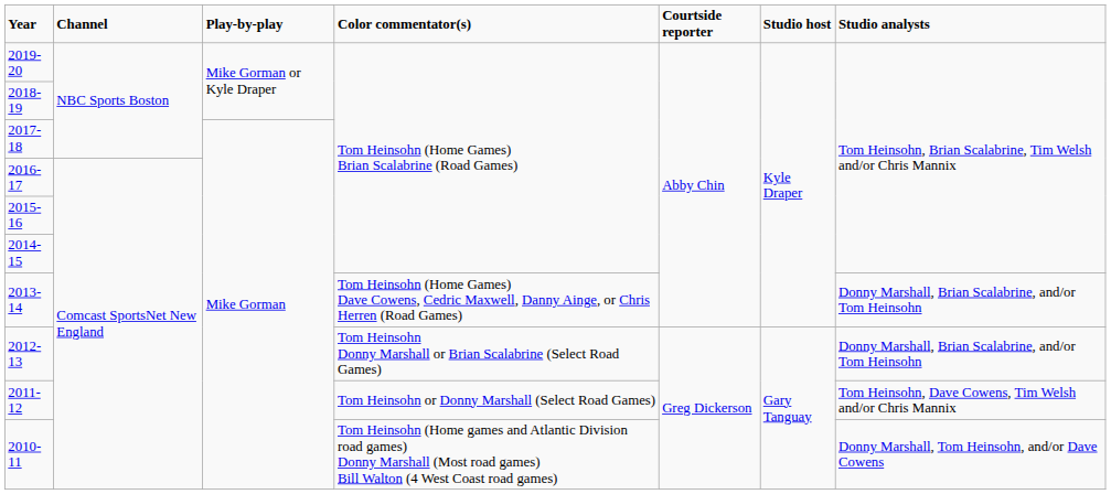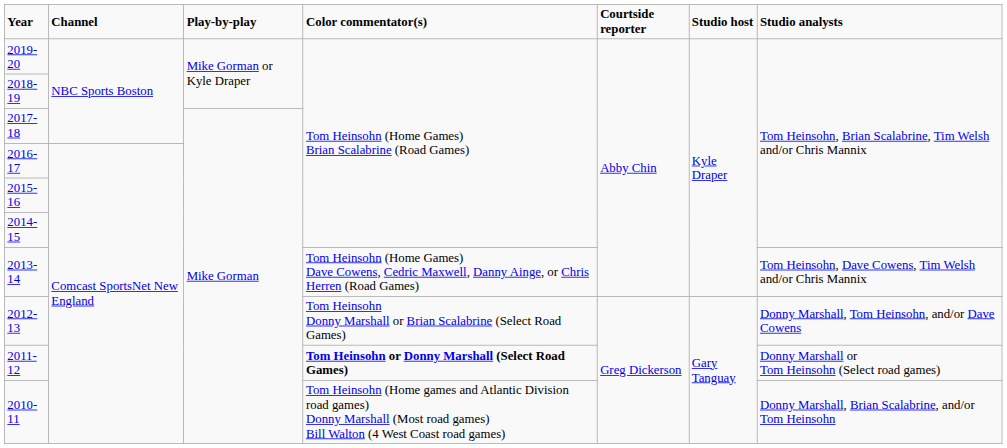 <table class="wikitable">
 <tr>
 <td><strong>Year</strong></td>
 <td><strong>Channel</strong></td>
 <td><strong>Play-by-play</strong></td>
 <td><strong>Color commentator(s)</strong></td>
 <td><strong>Courtside reporter</strong></td>
 <td><strong>Studio host</strong></td>
 <td><strong>Studio analysts</strong></td>
 </tr>
 <tr>
 <td><a href='#'>2019-20</a></td>
 <td rowspan=3><a href='#'>NBC Sports Boston</a></td>
 <td rowspan=2><a href='#'>Mike Gorman</a> or Kyle Draper</td>
 <td rowspan=6><a href='#'>Tom Heinsohn</a> (Home Games)<br><a href='#'>Brian Scalabrine</a> (Road Games)</td>
 <td rowspan=7><a href='#'>Abby Chin</a></td>
 <td rowspan=7><a href='#'>Kyle Draper</a></td>
 <td rowspan=6><a href='#'>Tom Heinsohn</a>, <a href='#'>Brian Scalabrine</a>, <a href='#'>Tim Welsh</a> and/or Chris Mannix</td>
 </tr>
 <tr>
 <td><a href='#'>2018-19</a></td>
 </tr>
 <tr>
 <td><a href='#'>2017-18</a></td>
 <td rowspan=8><a href='#'>Mike Gorman</a></td>
 </tr>
 <tr>
 <td><a href='#'>2016-17</a></td>
 <td rowspan=7><a href='#'>Comcast SportsNet New England</a></td>
 </tr>
 <tr>
 <td><a href='#'>2015-16</a></td>
 </tr>
 <tr>
 <td><a href='#'>2014-15</a></td>
 </tr>
 <tr>
 <td><a href='#'>2013-14</a></td>
 <td><a href='#'>Tom Heinsohn</a> (Home Games)<br><a href='#'>Dave Cowens</a>, <a href='#'>Cedric Maxwell</a>, <a href='#'>Danny Ainge</a>, or <a href='#'>Chris Herren</a> (Road Games)</td>
-<td><a href='#'>Donny Marshall</a>, <a href='#'>Brian Scalabrine</a>, and/or <a href='#'>Tom Heinsohn</a></td>
+<td><a href='#'>Tom Heinsohn</a>, <a href='#'>Dave Cowens</a>, <a href='#'>Tim Welsh</a> and/or Chris Mannix</td>
 </tr>
 <tr>
 <td><a href='#'>2012-13</a></td>
 <td><a href='#'>Tom Heinsohn</a><br><a href='#'>Donny Marshall</a> or <a href='#'>Brian Scalabrine</a> (Select Road Games)</td>
 <td rowspan=3><a href='#'>Greg Dickerson</a></td>
 <td rowspan=3><a href='#'>Gary Tanguay</a></td>
-<td><a href='#'>Donny Marshall</a>, <a href='#'>Brian Scalabrine</a>, and/or <a href='#'>Tom Heinsohn</a></td>
+<td><a href='#'>Donny Marshall</a>, <a href='#'>Tom Heinsohn</a>, and/or <a href='#'>Dave Cowens</a></td>
 </tr>
 <tr>
 <td><a href='#'>2011-12</a></td>
-<td><a href='#'>Tom Heinsohn</a> or <a href='#'>Donny Marshall</a> (Select Road Games)</td>
-<td><a href='#'>Tom Heinsohn</a>, <a href='#'>Dave Cowens</a>, <a href='#'>Tim Welsh</a> and/or Chris Mannix</td>
+<td><strong><a href='#'>Tom Heinsohn</a> or <a href='#'>Donny Marshall</a> (Select Road Games)</strong></td>
+<td><a href='#'>Donny Marshall</a> or<br> <a href='#'>Tom Heinsohn</a> (Select road games)</td>
 </tr>
 <tr>
 <td><a href='#'>2010-11</a></td>
 <td><a href='#'>Tom Heinsohn</a> (Home games and Atlantic Division road games)<br><a href='#'>Donny Marshall</a> (Most road games)<br><a href='#'>Bill Walton</a> (4 West Coast road games)</td>
-<td><a href='#'>Donny Marshall</a>, <a href='#'>Tom Heinsohn</a>, and/or <a href='#'>Dave Cowens</a></td>
+<td><a href='#'>Donny Marshall</a>, <a href='#'>Brian Scalabrine</a>, and/or <a href='#'>Tom Heinsohn</a></td>
 </tr>
 </table>
